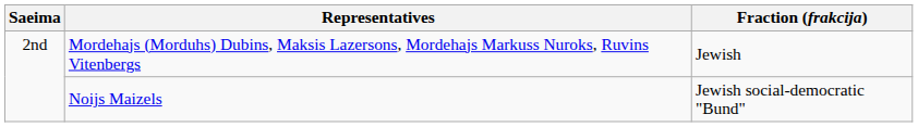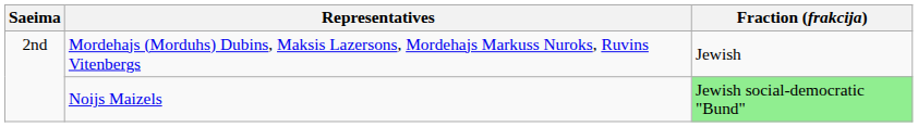 <table class="wikitable">
 <tr>
 <th>Saeima</th>
 <th>Representatives</th>
 <th>Fraction (<em>frakcija</em>)</th>
 </tr>
 <tr>
 <td rowspan="2"  style="vertical-align:top; text-align:center;">2nd</td>
 <td><a href='#'>Mordehajs (Morduhs) Dubins</a>, <a href='#'>Maksis Lazersons</a>, <a href='#'>Mordehajs Markuss Nuroks</a>, <a href='#'>Ruvins Vitenbergs</a></td>
 <td>Jewish</td>
 </tr>
 <tr>
 <td><a href='#'>Noijs Maizels</a></td>
-<td>Jewish social-democratic "Bund"</td>
+<td style="background: lightgreen;">Jewish social-democratic "Bund"</td>
 </tr>
 </table>
